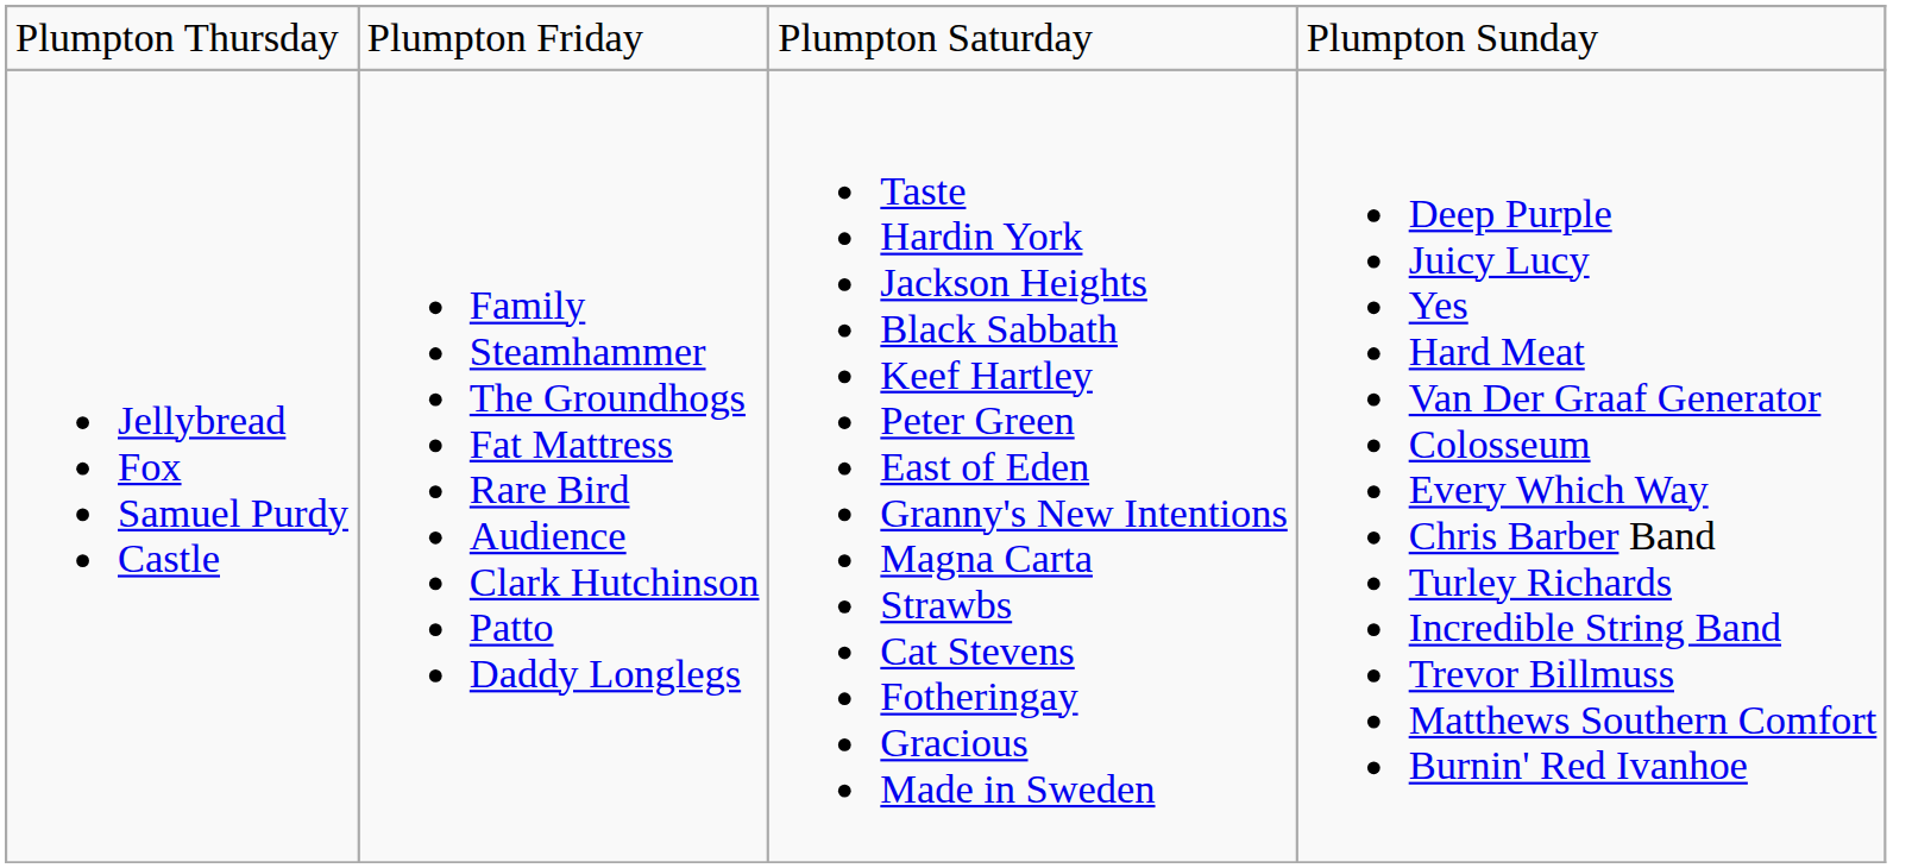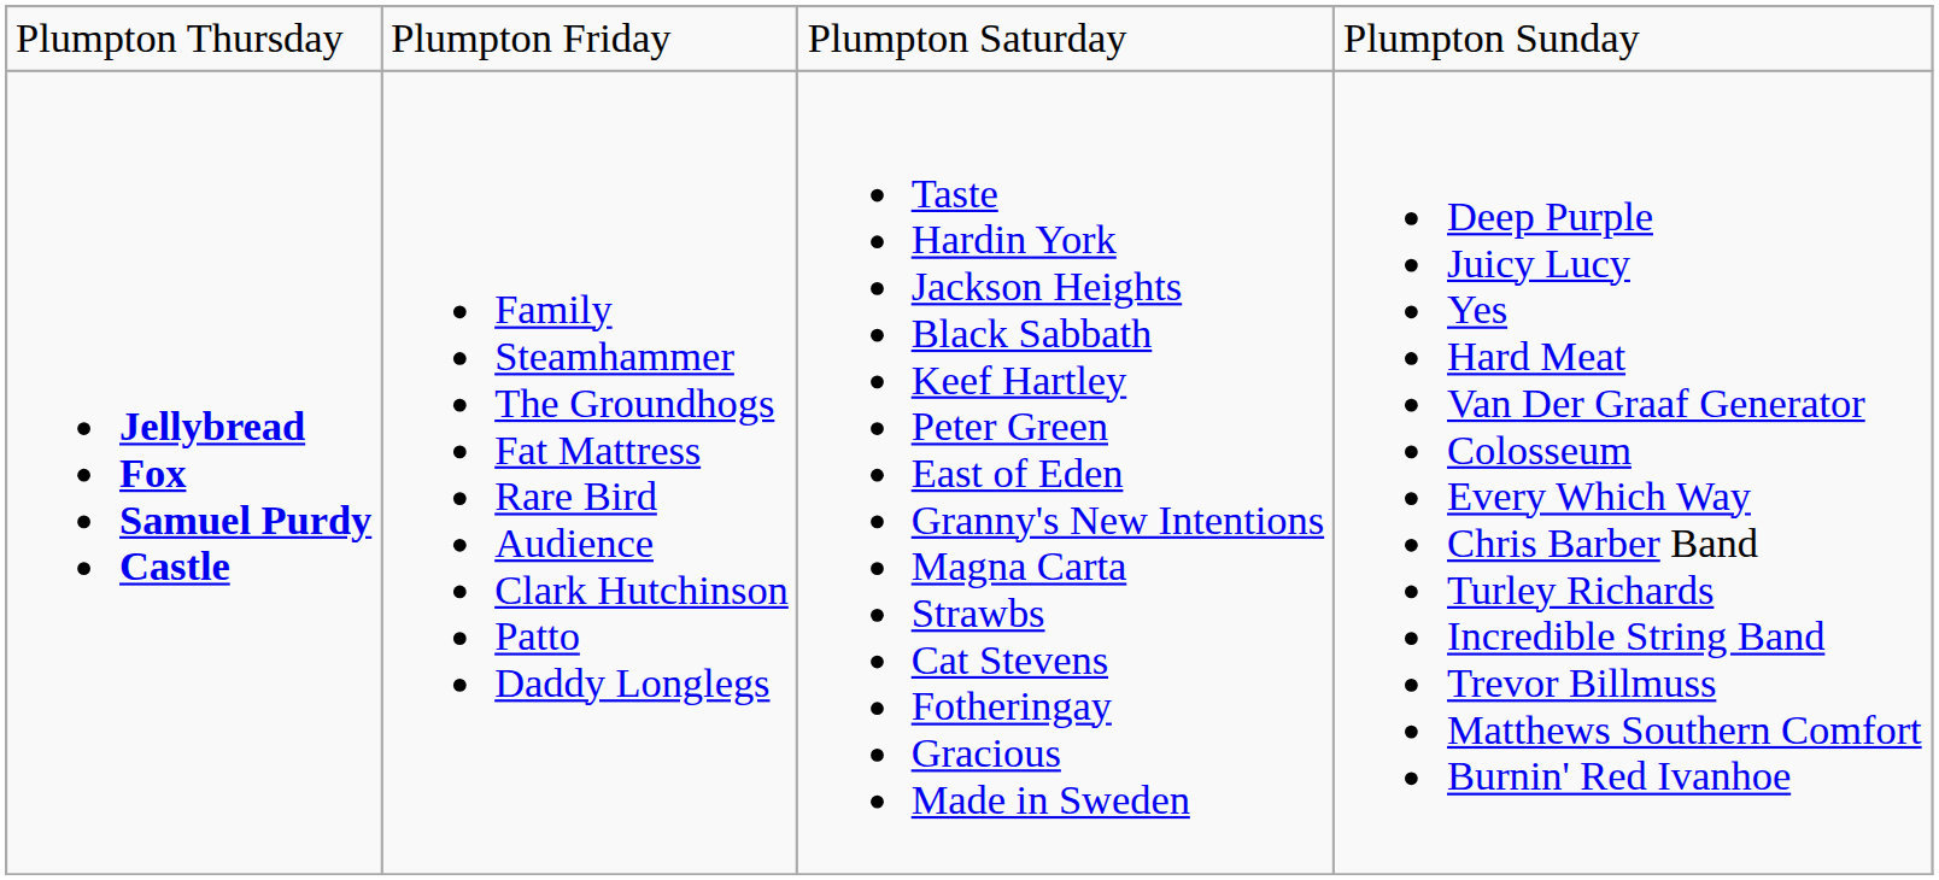 <table class="wikitable">
 <tr>
 <td>Plumpton Thursday</td>
 <td>Plumpton Friday</td>
 <td>Plumpton Saturday</td>
 <td>Plumpton Sunday</td>
 </tr>
 <tr>
-<td><br><ul><li><a href='#'>Jellybread</a></li><li><a href='#'>Fox</a></li><li><a href='#'>Samuel Purdy</a></li><li><a href='#'>Castle</a></li></ul></td>
+<td><strong><br><ul><li><a href='#'>Jellybread</a></li><li><a href='#'>Fox</a></li><li><a href='#'>Samuel Purdy</a></li><li><a href='#'>Castle</a></li></ul></strong></td>
 <td><br><ul><li><a href='#'>Family</a></li><li><a href='#'>Steamhammer</a></li><li><a href='#'>The Groundhogs</a></li><li><a href='#'>Fat Mattress</a></li><li><a href='#'>Rare Bird</a></li><li><a href='#'>Audience</a></li><li><a href='#'>Clark Hutchinson</a></li><li><a href='#'>Patto</a></li><li><a href='#'>Daddy Longlegs</a></li></ul></td>
 <td><br><ul><li><a href='#'>Taste</a></li><li><a href='#'>Hardin York</a></li><li><a href='#'>Jackson Heights</a></li><li><a href='#'>Black Sabbath</a></li><li><a href='#'>Keef Hartley</a></li><li><a href='#'>Peter Green</a></li><li><a href='#'>East of Eden</a></li><li><a href='#'>Granny's New Intentions</a></li><li><a href='#'>Magna Carta</a></li><li><a href='#'>Strawbs</a></li><li><a href='#'>Cat Stevens</a></li><li><a href='#'>Fotheringay</a></li><li><a href='#'>Gracious</a></li><li><a href='#'>Made in Sweden</a></li></ul></td>
 <td><br><ul><li><a href='#'>Deep Purple</a></li><li><a href='#'>Juicy Lucy</a></li><li><a href='#'>Yes</a></li><li><a href='#'>Hard Meat</a></li><li><a href='#'>Van Der Graaf Generator</a></li><li><a href='#'>Colosseum</a></li><li><a href='#'>Every Which Way</a></li><li><a href='#'>Chris Barber</a> Band</li><li><a href='#'>Turley Richards</a></li><li><a href='#'>Incredible String Band</a></li><li><a href='#'>Trevor Billmuss</a></li><li><a href='#'>Matthews Southern Comfort</a></li><li><a href='#'>Burnin' Red Ivanhoe</a></li></ul></td>
 </tr>
 </table>
